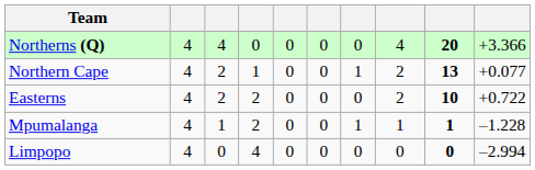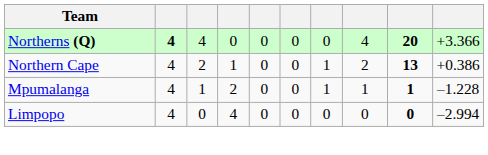 <table class="wikitable" style="text-align:center">
 <tr>
 <th width="150">Team</th>
 <th width="25"></th>
 <th width="25"></th>
 <th width="25"></th>
 <th width="25"></th>
 <th width="25"></th>
 <th width="25"></th>
 <th width="40"></th>
 <th width="40"></th>
 <th width="45"></th>
 </tr>
 <tr style="background:#cfc">
 <td style="text-align:left"><a href='#'>Northerns</a> <strong>(Q)</strong></td>
-<td>4</td>
+<td><strong>4</strong></td>
 <td>4</td>
 <td>0</td>
 <td>0</td>
 <td>0</td>
 <td>0</td>
 <td>4</td>
 <td><strong>20</strong></td>
 <td>+3.366</td>
 </tr>
 <tr>
 <td style="text-align:left"><a href='#'>Northern Cape</a></td>
 <td>4</td>
 <td>2</td>
 <td>1</td>
 <td>0</td>
 <td>0</td>
 <td>1</td>
 <td>2</td>
 <td><strong>13</strong></td>
-<td>+0.077</td>
-</tr>
-<tr>
-<td style="text-align:left"><a href='#'>Easterns</a></td>
-<td>4</td>
-<td>2</td>
-<td>2</td>
-<td>0</td>
-<td>0</td>
-<td>0</td>
-<td>2</td>
-<td><strong>10</strong></td>
-<td>+0.722</td>
+<td>+0.386</td>
 </tr>
 <tr>
 <td style="text-align:left"><a href='#'>Mpumalanga</a></td>
 <td>4</td>
 <td>1</td>
 <td>2</td>
 <td>0</td>
 <td>0</td>
 <td>1</td>
 <td>1</td>
 <td><strong>1</strong></td>
 <td>–1.228</td>
 </tr>
 <tr>
 <td style="text-align:left"><a href='#'>Limpopo</a></td>
 <td>4</td>
 <td>0</td>
 <td>4</td>
 <td>0</td>
 <td>0</td>
 <td>0</td>
 <td>0</td>
 <td><strong>0</strong></td>
 <td>–2.994</td>
 </tr>
 </table>
